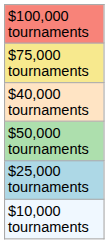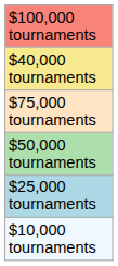 <table class="wikitable" style="font-size:85%;" width=15%>
 <tr bgcolor="#F88379">
 <td>$100,000 tournaments</td>
 </tr>
 <tr bgcolor="#F7E98E">
-<td>$75,000 tournaments</td>
+<td>$40,000 tournaments</td>
 </tr>
 <tr style="background:#ffe4c4;">
-<td>$40,000 tournaments</td>
+<td>$75,000 tournaments</td>
 </tr>
 <tr bgcolor="#ADDFAD">
 <td>$50,000 tournaments</td>
 </tr>
 <tr bgcolor="lightblue">
 <td>$25,000 tournaments</td>
 </tr>
 <tr bgcolor="#f0f8ff">
 <td>$10,000 tournaments</td>
 </tr>
 </table>
